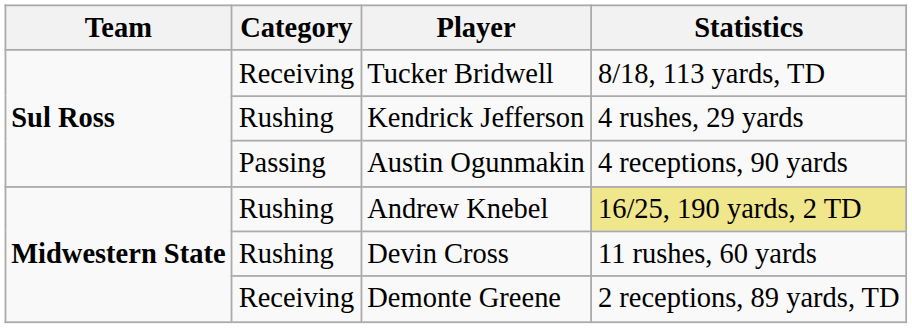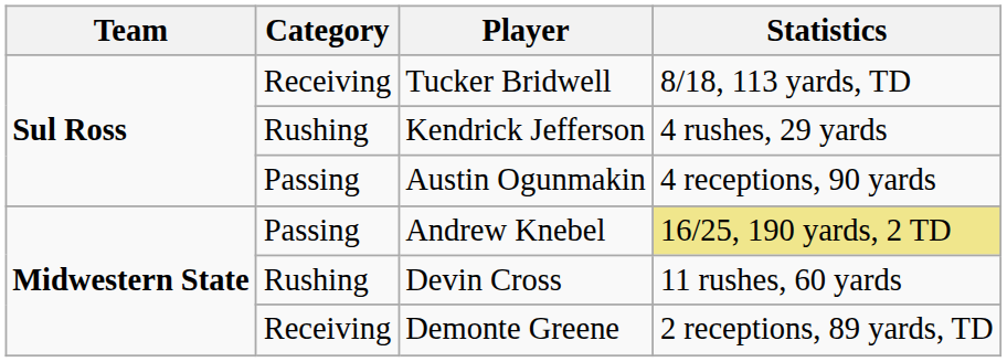 <table class="wikitable" style="float: right;">
 <tr>
 <th>Team</th>
 <th>Category</th>
 <th>Player</th>
 <th>Statistics</th>
 </tr>
 <tr>
 <td rowspan=3><strong>Sul Ross</strong></td>
 <td>Receiving</td>
 <td>Tucker Bridwell</td>
 <td>8/18, 113 yards, TD</td>
 </tr>
 <tr>
 <td>Rushing</td>
 <td>Kendrick Jefferson</td>
 <td>4 rushes, 29 yards</td>
 </tr>
 <tr>
 <td>Passing</td>
 <td>Austin Ogunmakin</td>
 <td>4 receptions, 90 yards</td>
 </tr>
 <tr>
 <td rowspan=3><strong>Midwestern State</strong></td>
-<td>Rushing</td>
+<td>Passing</td>
 <td>Andrew Knebel</td>
 <td style="background: khaki;">16/25, 190 yards, 2 TD</td>
 </tr>
 <tr>
 <td>Rushing</td>
 <td>Devin Cross</td>
 <td>11 rushes, 60 yards</td>
 </tr>
 <tr>
 <td>Receiving</td>
 <td>Demonte Greene</td>
 <td>2 receptions, 89 yards, TD</td>
 </tr>
 </table>
